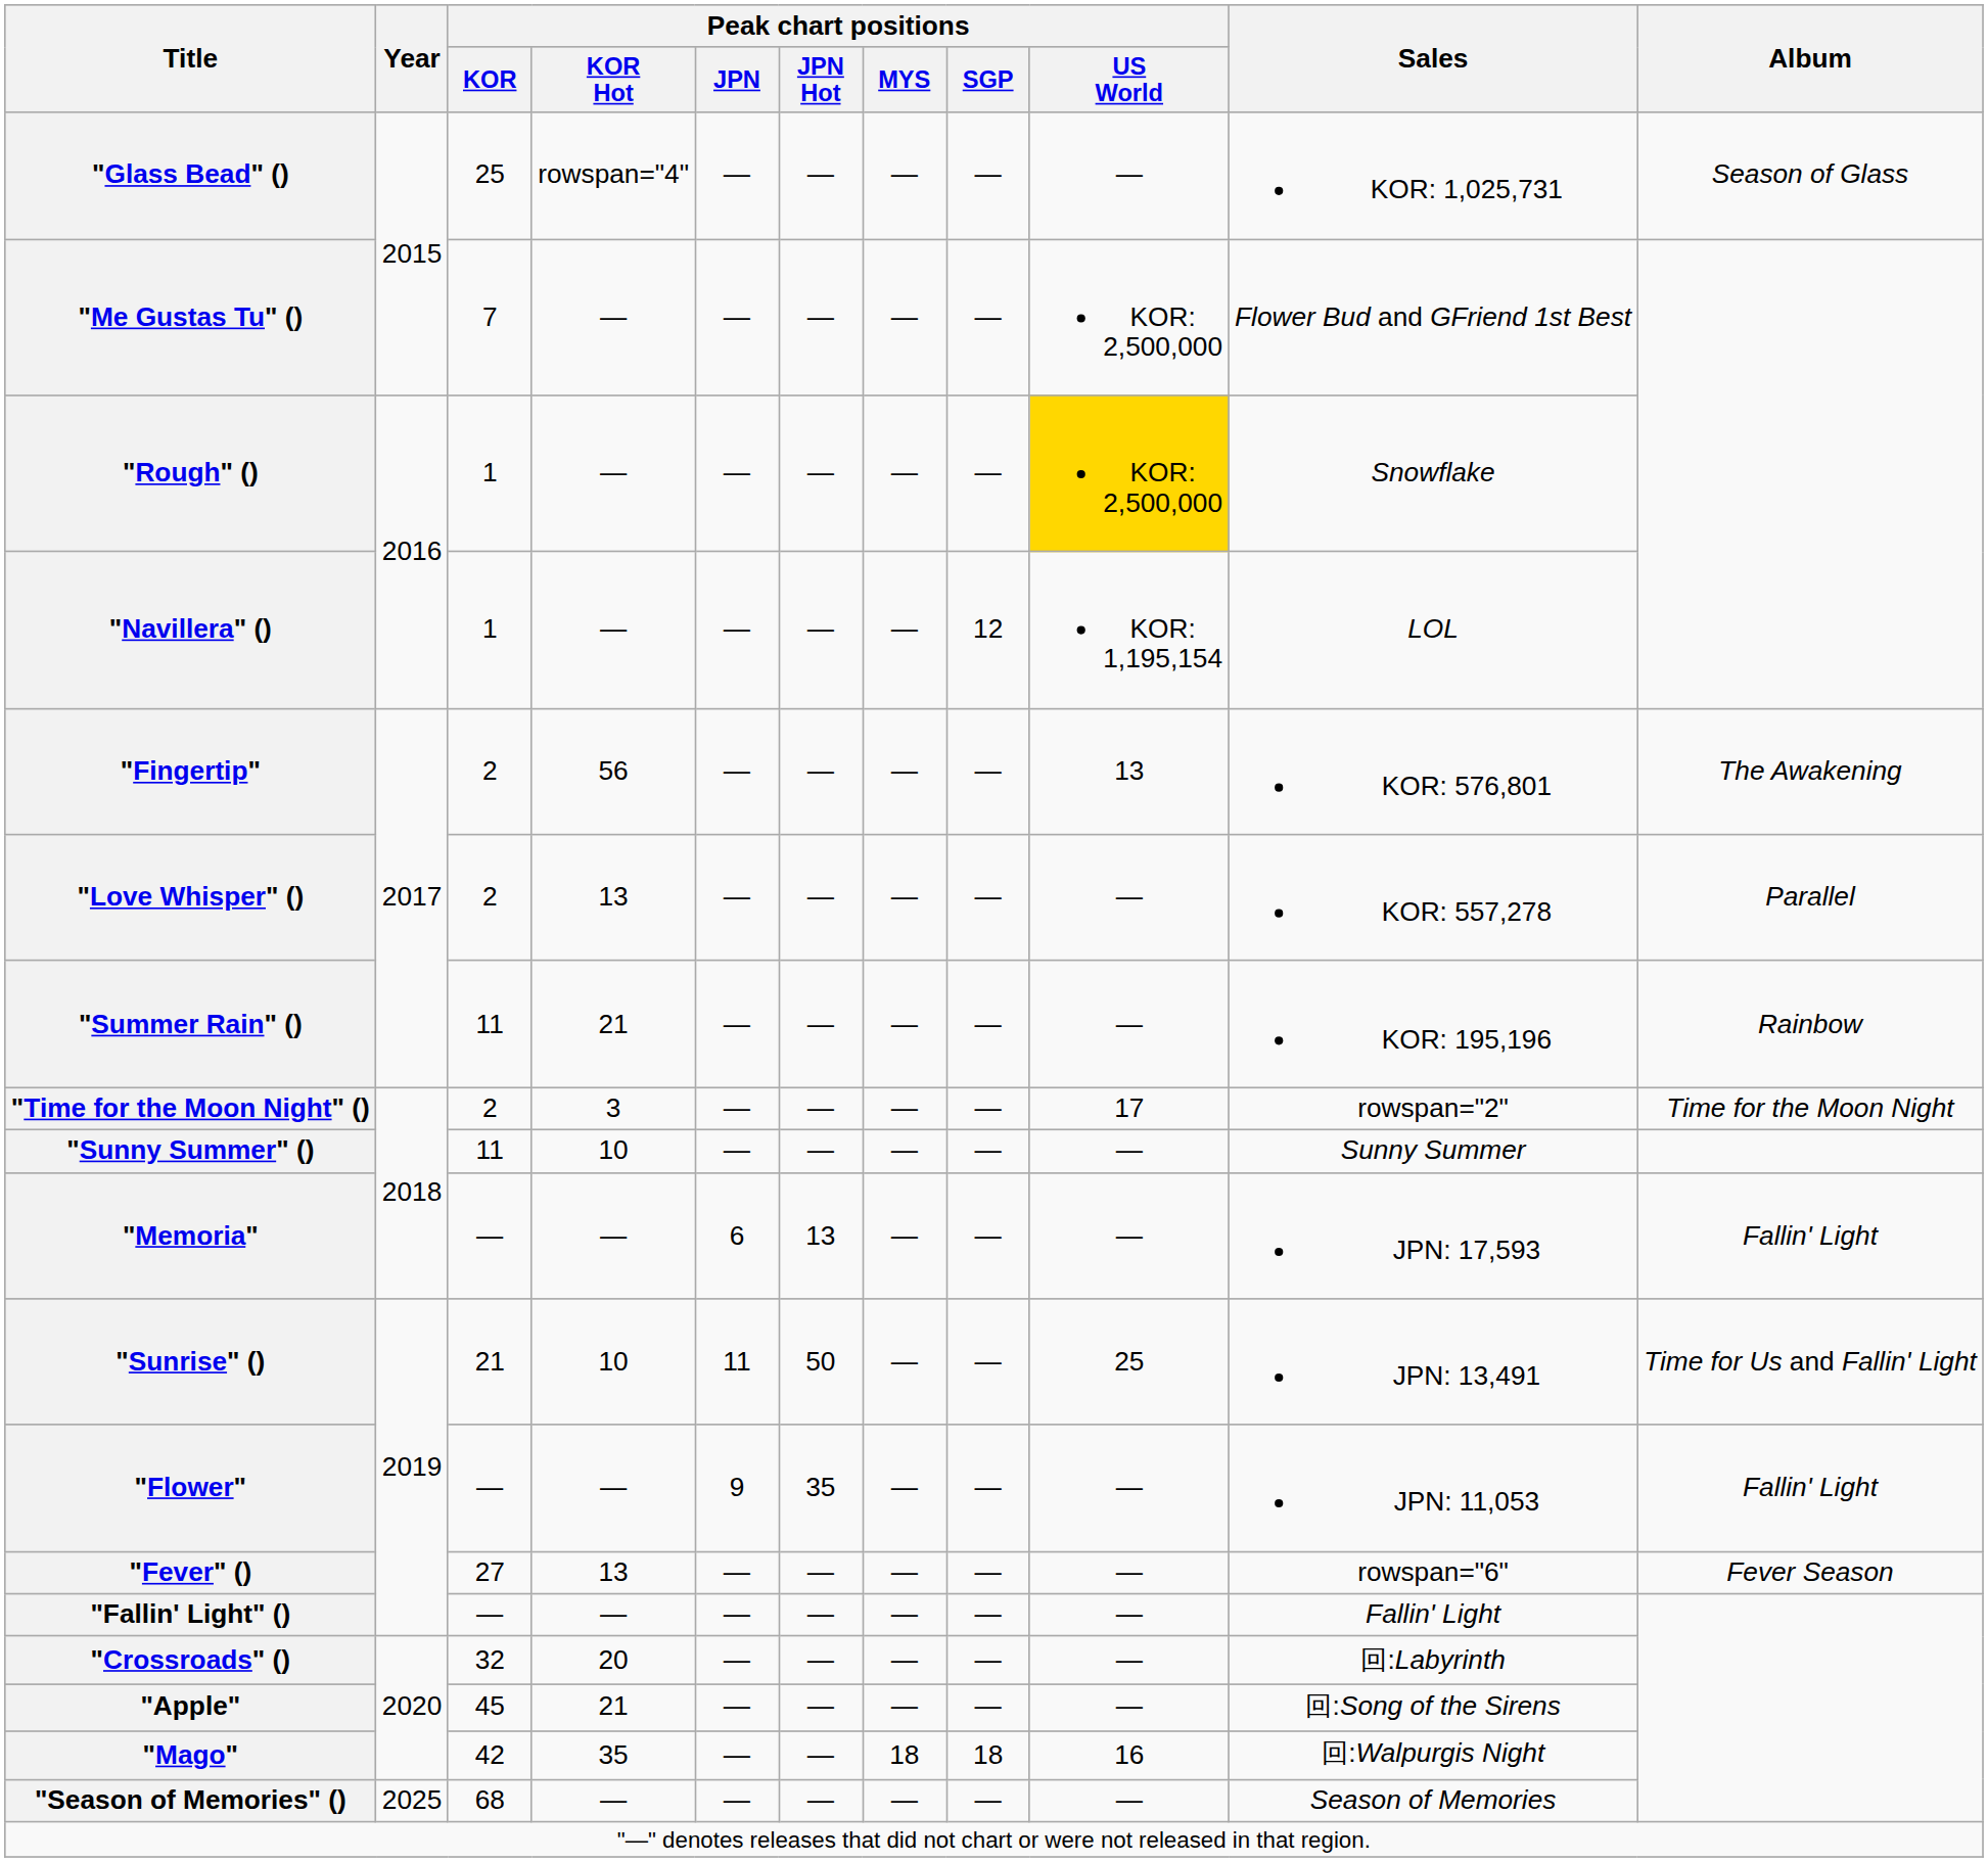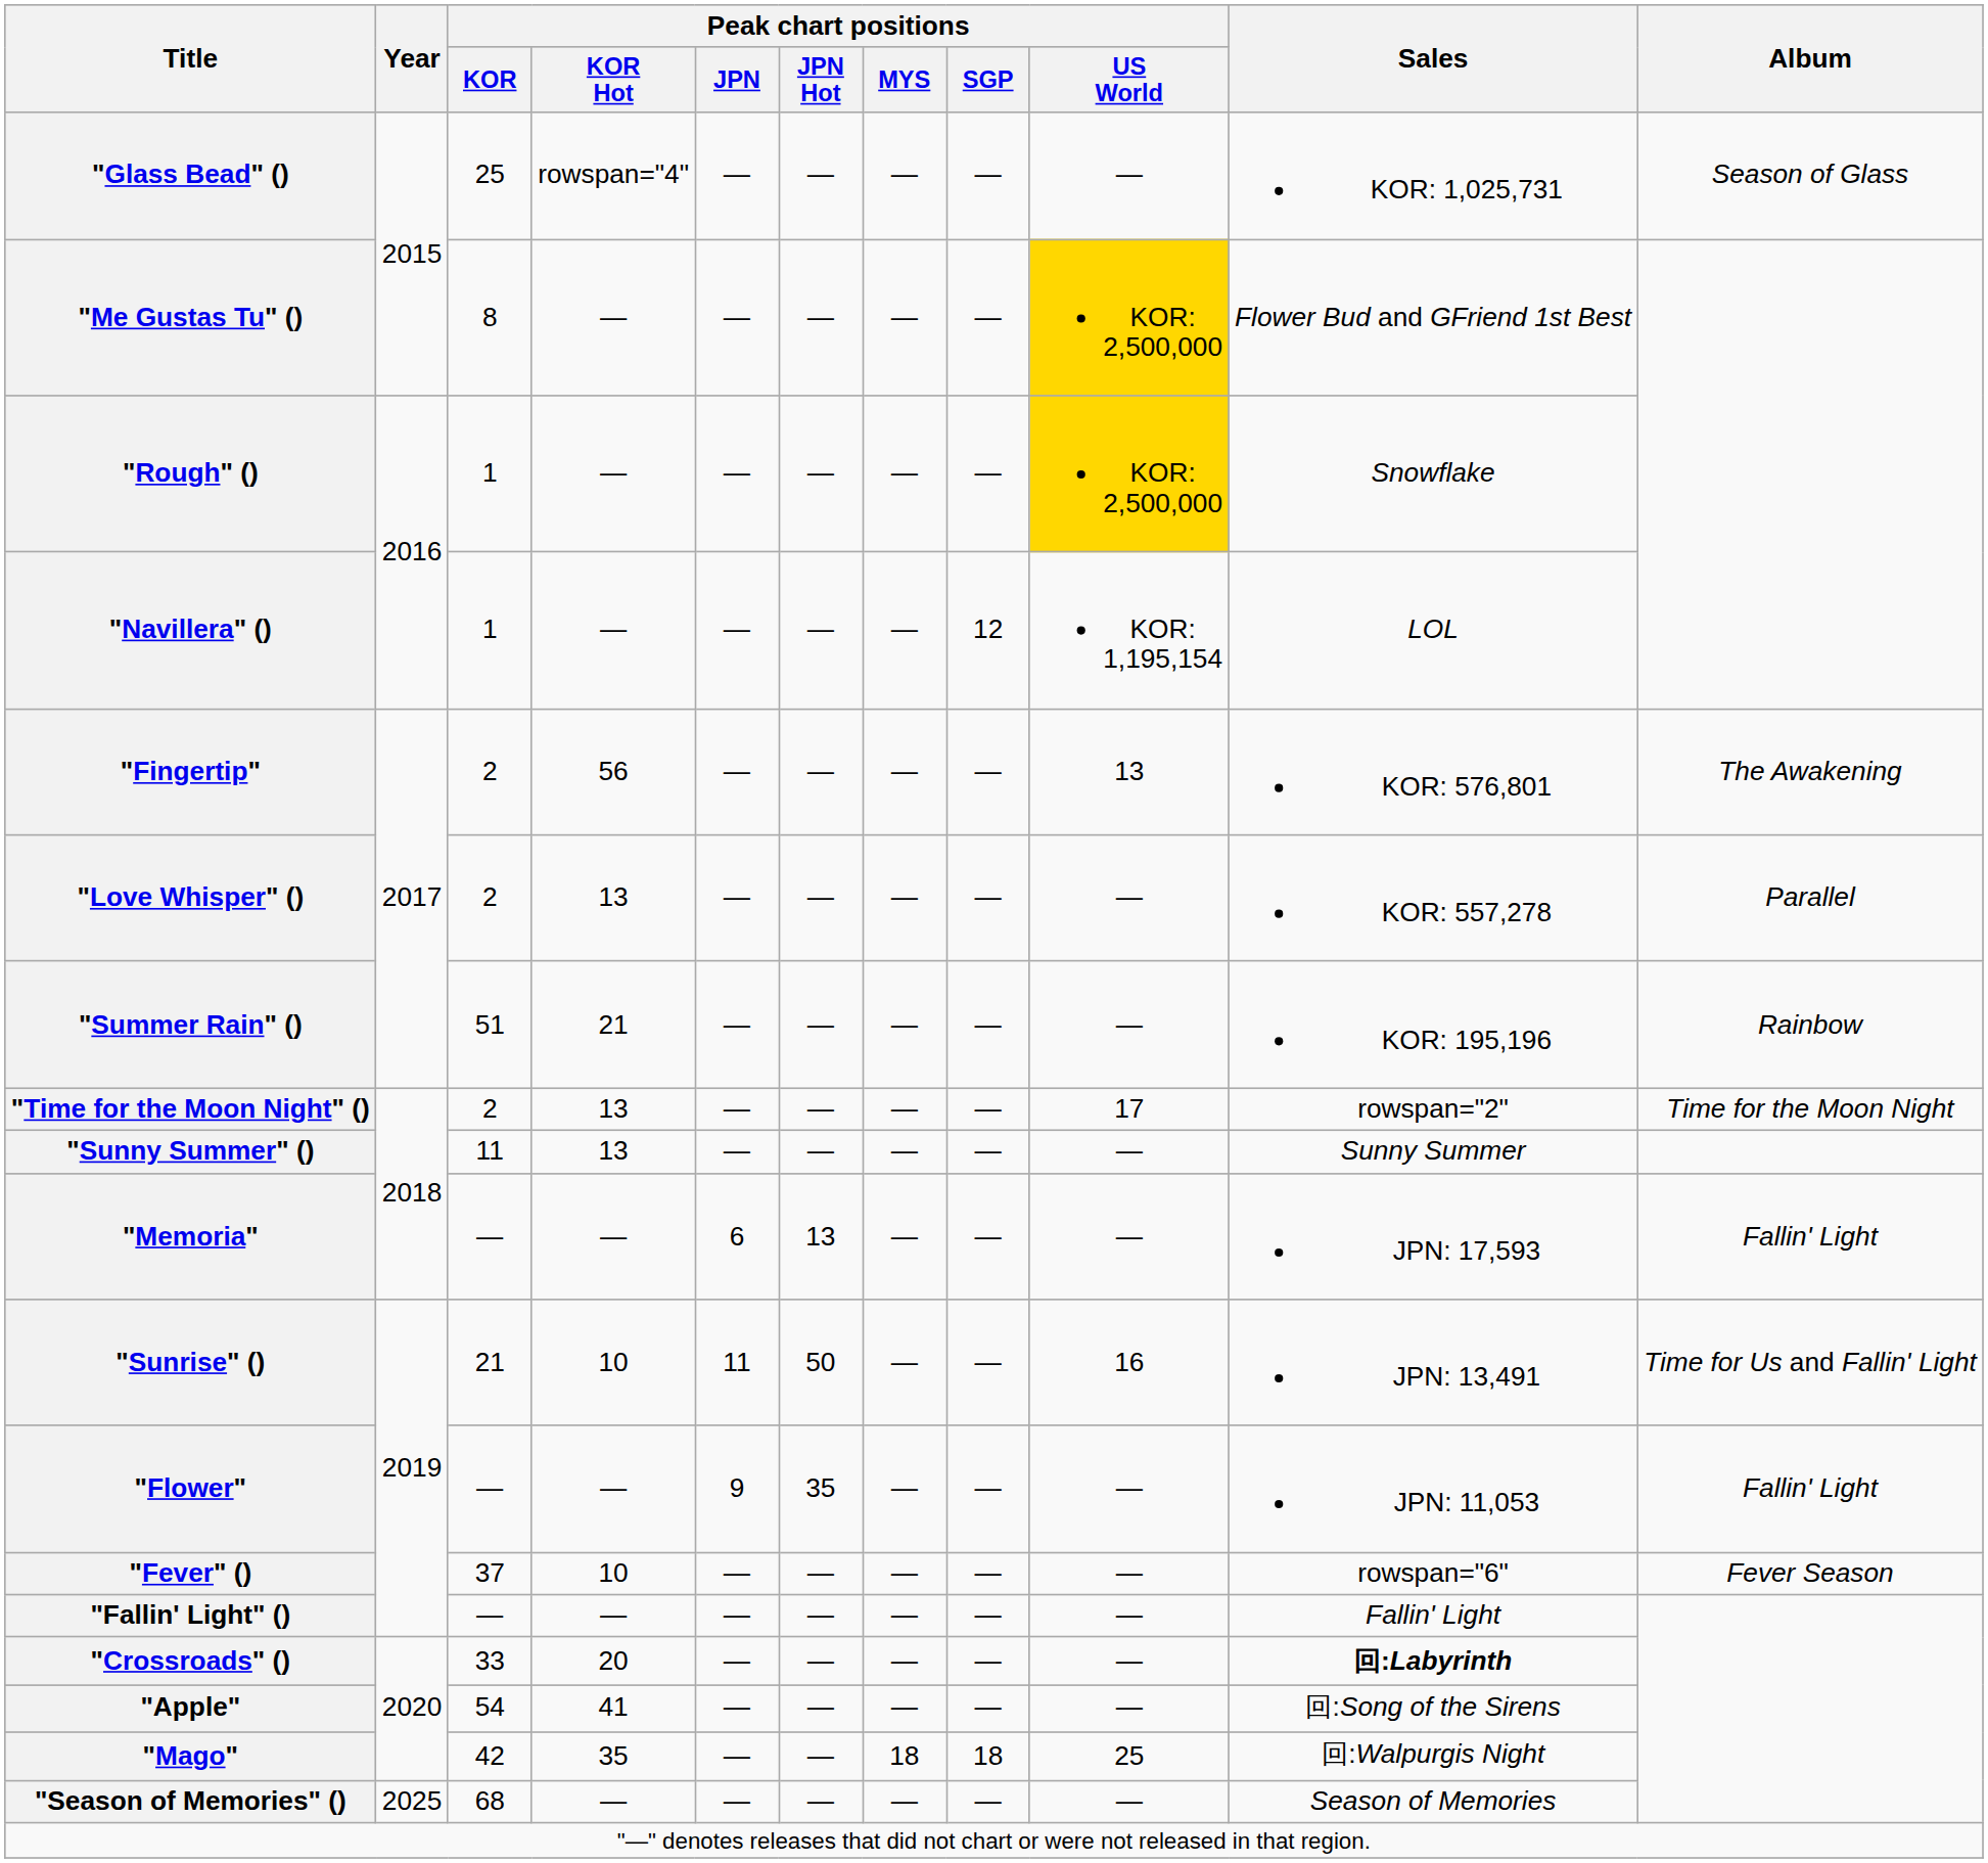 <table class="wikitable plainrowheaders" style="text-align:center">
 <tr>
 <th scope="col" rowspan="2">Title</th>
 <th scope="col" rowspan="2">Year</th>
 <th scope="col" colspan="7">Peak chart positions</th>
 <th scope="col" rowspan="2">Sales<br></th>
 <th scope="col" rowspan="2">Album</th>
 </tr>
 <tr>
 <th scope="col" style="width:3em;font-size:90%"><a href='#'>KOR</a><br></th>
 <th scope="col" style="width:3em;font-size:90%"><a href='#'>KOR<br>Hot</a><br></th>
 <th scope="col" style="width:3em;font-size:90%"><a href='#'>JPN</a><br></th>
 <th scope="col" style="width:3em;font-size:90%"><a href='#'>JPN<br>Hot</a><br></th>
 <th scope="col" style="width:3em;font-size:90%"><a href='#'>MYS</a><br></th>
 <th scope="col" style="width:3em;font-size:90%"><a href='#'>SGP</a><br></th>
 <th scope="col" style="width:3em;font-size:90%"><a href='#'>US<br>World</a><br></th>
 </tr>
 <tr>
 <th scope="row">"<a href='#'>Glass Bead</a>" ()</th>
 <td rowspan="2">2015</td>
 <td>25</td>
 <td>rowspan="4" </td>
 <td>—</td>
 <td>—</td>
 <td>—</td>
 <td>—</td>
 <td>—</td>
 <td><br><ul><li>KOR: 1,025,731</li></ul></td>
 <td><em>Season of Glass</em></td>
 </tr>
 <tr>
 <th scope="row">"<a href='#'>Me Gustas Tu</a>" ()</th>
-<td>7</td>
+<td>8</td>
 <td>—</td>
 <td>—</td>
 <td>—</td>
 <td>—</td>
 <td>—</td>
-<td><br><ul><li>KOR: 2,500,000</li></ul></td>
+<td style="background: gold;"><br><ul><li>KOR: 2,500,000</li></ul></td>
 <td><em>Flower Bud</em> and <em>GFriend 1st Best</em></td>
 </tr>
 <tr>
 <th scope="row">"<a href='#'>Rough</a>" ()</th>
 <td rowspan="2">2016</td>
 <td>1</td>
 <td>—</td>
 <td>—</td>
 <td>—</td>
 <td>—</td>
 <td>—</td>
 <td style="background: gold;"><br><ul><li>KOR: 2,500,000</li></ul></td>
 <td><em>Snowflake</em></td>
 </tr>
 <tr>
 <th scope="row">"<a href='#'>Navillera</a>" ()</th>
 <td>1</td>
 <td>—</td>
 <td>—</td>
 <td>—</td>
 <td>—</td>
 <td>12</td>
 <td><br><ul><li>KOR: 1,195,154</li></ul></td>
 <td><em>LOL</em></td>
 </tr>
 <tr>
 <th scope="row">"<a href='#'>Fingertip</a>"</th>
 <td rowspan="3">2017</td>
 <td>2</td>
 <td>56</td>
 <td>—</td>
 <td>—</td>
 <td>—</td>
 <td>—</td>
 <td>13</td>
 <td><br><ul><li>KOR: 576,801</li></ul></td>
 <td><em>The Awakening</em></td>
 </tr>
 <tr>
 <th scope="row">"<a href='#'>Love Whisper</a>" ()</th>
 <td>2</td>
 <td>13</td>
 <td>—</td>
 <td>—</td>
 <td>—</td>
 <td>—</td>
 <td>—</td>
 <td><br><ul><li>KOR: 557,278</li></ul></td>
 <td><em>Parallel</em></td>
 </tr>
 <tr>
 <th scope="row">"<a href='#'>Summer Rain</a>" ()</th>
-<td>11</td>
+<td>51</td>
 <td>21</td>
 <td>—</td>
 <td>—</td>
 <td>—</td>
 <td>—</td>
 <td>—</td>
 <td><br><ul><li>KOR: 195,196</li></ul></td>
 <td><em>Rainbow</em></td>
 </tr>
 <tr>
 <th scope="row">"<a href='#'>Time for the Moon Night</a>" ()</th>
 <td rowspan="3">2018</td>
 <td>2</td>
-<td>3</td>
+<td>13</td>
 <td>—</td>
 <td>—</td>
 <td>—</td>
 <td>—</td>
 <td>17</td>
 <td>rowspan="2" </td>
 <td><em>Time for the Moon Night</em></td>
 </tr>
 <tr>
 <th scope="row">"<a href='#'>Sunny Summer</a>" ()</th>
 <td>11</td>
-<td>10</td>
+<td>13</td>
 <td>—</td>
 <td>—</td>
 <td>—</td>
 <td>—</td>
 <td>—</td>
 <td><em>Sunny Summer</em></td>
 </tr>
 <tr>
 <th scope="row">"<a href='#'>Memoria</a>"</th>
 <td>—</td>
 <td>—</td>
 <td>6</td>
 <td>13</td>
 <td>—</td>
 <td>—</td>
 <td>—</td>
 <td><br><ul><li>JPN: 17,593 </li></ul></td>
 <td><em>Fallin' Light</em></td>
 </tr>
 <tr>
 <th scope="row">"<a href='#'>Sunrise</a>" ()</th>
 <td rowspan="4">2019</td>
 <td>21</td>
 <td>10</td>
 <td>11</td>
 <td>50</td>
 <td>—</td>
 <td>—</td>
-<td>25</td>
+<td>16</td>
 <td><br><ul><li>JPN: 13,491 </li></ul></td>
 <td><em>Time for Us</em> and <em>Fallin' Light</em></td>
 </tr>
 <tr>
 <th scope="row">"<a href='#'>Flower</a>"</th>
 <td>—</td>
 <td>—</td>
 <td>9</td>
 <td>35</td>
 <td>—</td>
 <td>—</td>
 <td>—</td>
 <td><br><ul><li>JPN: 11,053 </li></ul></td>
 <td><em>Fallin' Light</em></td>
 </tr>
 <tr>
 <th scope="row">"<a href='#'>Fever</a>" ()</th>
-<td>27</td>
-<td>13</td>
+<td>37</td>
+<td>10</td>
 <td>—</td>
 <td>—</td>
 <td>—</td>
 <td>—</td>
 <td>—</td>
 <td>rowspan="6" </td>
 <td><em>Fever Season</em></td>
 </tr>
 <tr>
 <th scope="row">"Fallin' Light" ()</th>
 <td>—</td>
 <td>—</td>
 <td>—</td>
 <td>—</td>
 <td>—</td>
 <td>—</td>
 <td>—</td>
 <td><em>Fallin' Light</em></td>
 </tr>
 <tr>
 <th scope="row">"<a href='#'>Crossroads</a>" ()</th>
 <td rowspan="3">2020</td>
-<td>32</td>
+<td>33</td>
 <td>20</td>
 <td>—</td>
 <td>—</td>
 <td>—</td>
 <td>—</td>
 <td>—</td>
-<td>回:<em>Labyrinth</em></td>
+<td><strong>回:<em>Labyrinth</em></strong></td>
 </tr>
 <tr>
 <th scope="row">"Apple"</th>
-<td>45</td>
-<td>21</td>
+<td>54</td>
+<td>41</td>
 <td>—</td>
 <td>—</td>
 <td>—</td>
 <td>—</td>
 <td>—</td>
 <td>回:<em>Song of the Sirens</em></td>
 </tr>
 <tr>
 <th scope="row">"<a href='#'>Mago</a>"</th>
 <td>42</td>
 <td>35</td>
 <td>—</td>
 <td>—</td>
 <td>18</td>
 <td>18</td>
-<td>16</td>
+<td>25</td>
 <td>回:<em>Walpurgis Night</em></td>
 </tr>
 <tr>
 <th scope="row">"Season of Memories" ()</th>
 <td>2025</td>
 <td>68</td>
 <td>—</td>
 <td>—</td>
 <td>—</td>
 <td>—</td>
 <td>—</td>
 <td>—</td>
 <td><em>Season of Memories</em></td>
 </tr>
 <tr>
 <td colspan="11" style="font-size:85%">"—" denotes releases that did not chart or were not released in that region.</td>
 </tr>
 </table>
